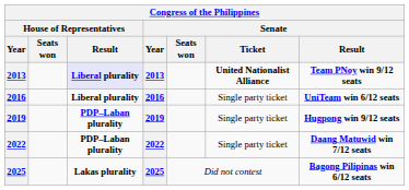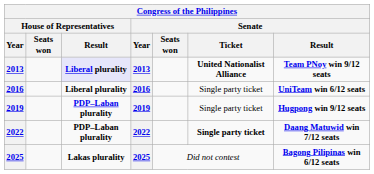 <table class="wikitable" style="text-align:center; font-size:90%">
 <tr>
 <th colspan=7><a href='#'>Congress of the Philippines</a></th>
 </tr>
 <tr>
 <th colspan="3">House of Representatives</th>
 <th colspan="4">Senate</th>
 </tr>
 <tr>
 <th>Year</th>
 <th>Seats won</th>
 <th>Result</th>
 <th>Year</th>
 <th>Seats won</th>
 <th>Ticket</th>
 <th>Result</th>
 </tr>
 <tr>
 <th><a href='#'>2013</a></th>
 <td></td>
 <td style="background: lavender;"><strong><a href='#'>Liberal</a> plurality</strong></td>
 <th><a href='#'>2013</a></th>
 <td></td>
 <td><strong>United Nationalist Alliance</strong></td>
 <td><strong><a href='#'>Team PNoy</a> win 9/12 seats</strong></td>
 </tr>
 <tr>
 <th><a href='#'>2016</a></th>
 <td></td>
 <td><strong>Liberal plurality</strong></td>
 <th><a href='#'>2016</a></th>
 <td></td>
 <td>Single party ticket</td>
 <td><strong><a href='#'>UniTeam</a> win 6/12 seats</strong></td>
 </tr>
 <tr>
 <th><a href='#'>2019</a></th>
 <td></td>
 <td><strong><a href='#'>PDP–Laban</a> plurality</strong></td>
 <th><a href='#'>2019</a></th>
 <td></td>
 <td>Single party ticket</td>
 <td><strong><a href='#'>Hugpong</a> win 9/12 seats</strong></td>
 </tr>
 <tr>
 <th><a href='#'>2022</a></th>
 <td></td>
 <td><strong>PDP–Laban plurality</strong></td>
 <th><a href='#'>2022</a></th>
 <td></td>
-<td>Single party ticket</td>
+<td><strong>Single party ticket</strong></td>
 <td><strong><a href='#'>Daang Matuwid</a> win 7/12 seats</strong></td>
 </tr>
 <tr>
 <th><a href='#'>2025</a></th>
 <td></td>
 <td><strong>Lakas plurality</strong></td>
 <th><a href='#'>2025</a></th>
 <td colspan=2><em>Did not contest</em></td>
 <td><strong><a href='#'>Bagong Pilipinas</a> win 6/12 seats</strong></td>
 </tr>
 </table>
